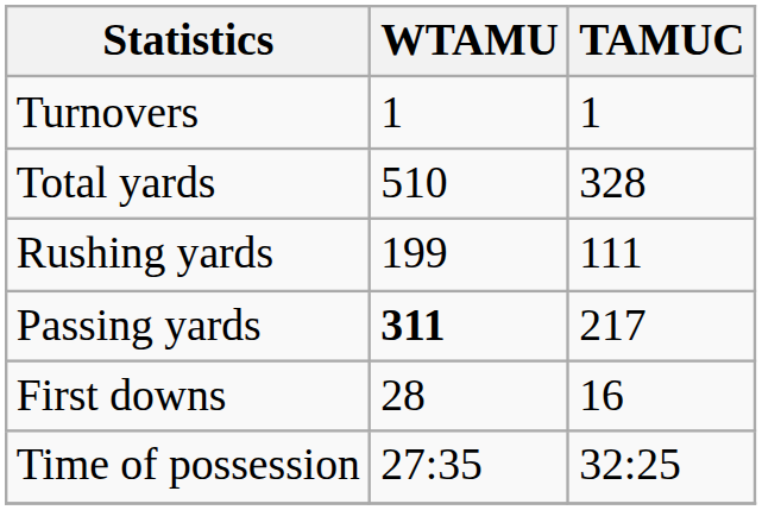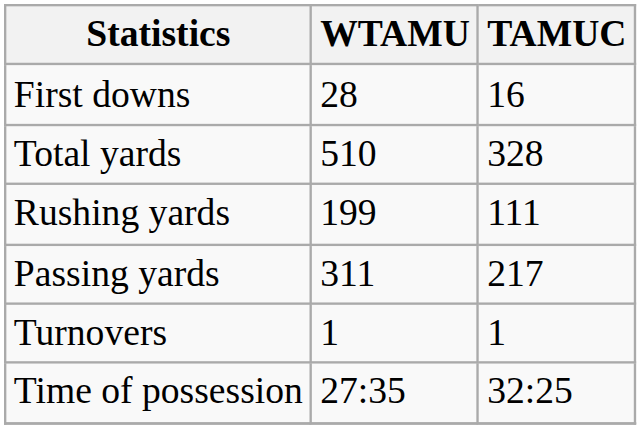 <table class="wikitable">
 <tr>
 <th>Statistics</th>
 <th>WTAMU</th>
 <th>TAMUC</th>
 </tr>
 <tr>
-<td>Turnovers</td>
-<td>1</td>
-<td>1</td>
+<td>First downs</td>
+<td>28</td>
+<td>16</td>
 </tr>
 <tr>
 <td>Total yards</td>
 <td>510</td>
 <td>328</td>
 </tr>
 <tr>
 <td>Rushing yards</td>
 <td>199</td>
 <td>111</td>
 </tr>
 <tr>
 <td>Passing yards</td>
-<td><strong>311</strong></td>
+<td>311</td>
 <td>217</td>
 </tr>
 <tr>
-<td>First downs</td>
-<td>28</td>
-<td>16</td>
+<td>Turnovers</td>
+<td>1</td>
+<td>1</td>
 </tr>
 <tr>
 <td>Time of possession</td>
 <td>27:35</td>
 <td>32:25</td>
 </tr>
 <tr>
 </tr>
 </table>
